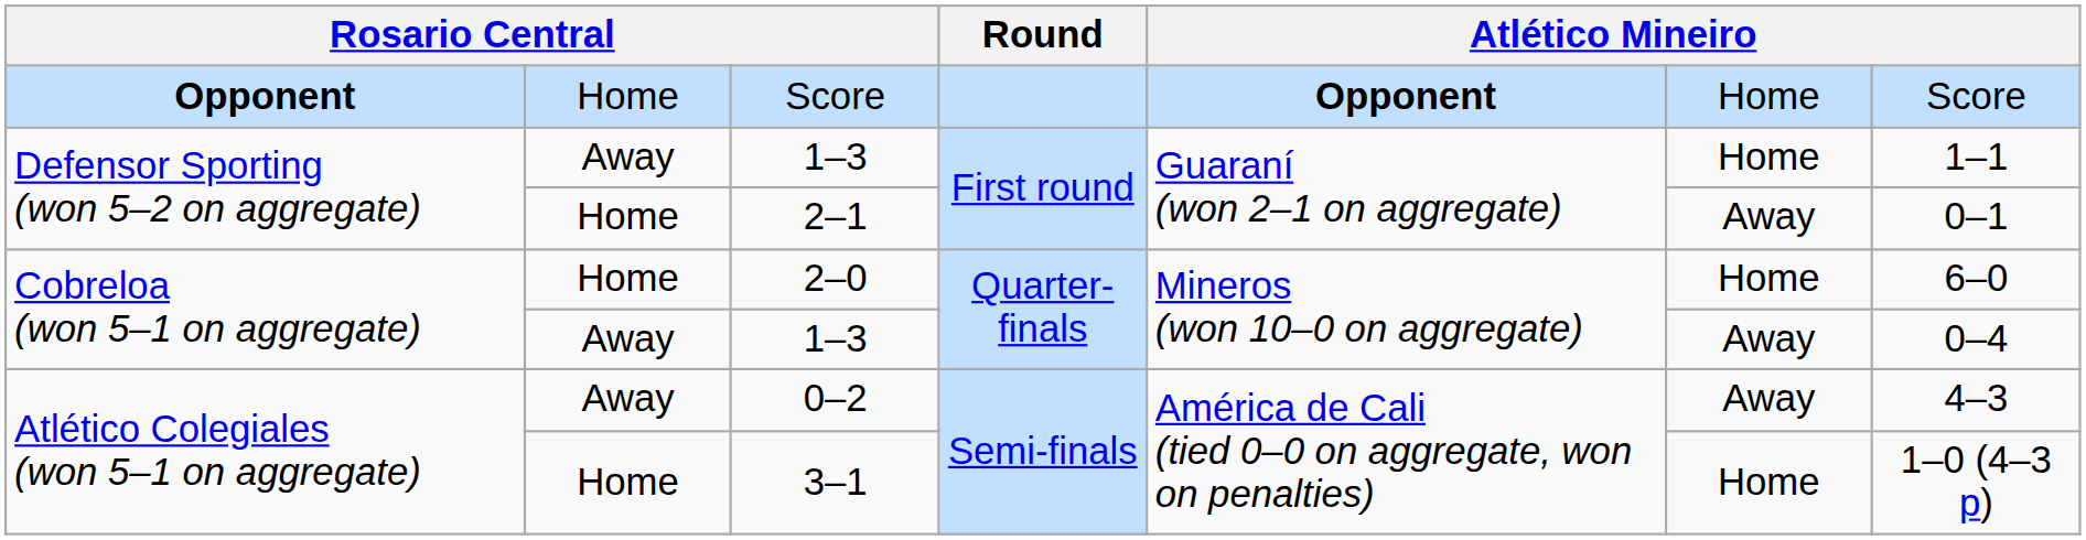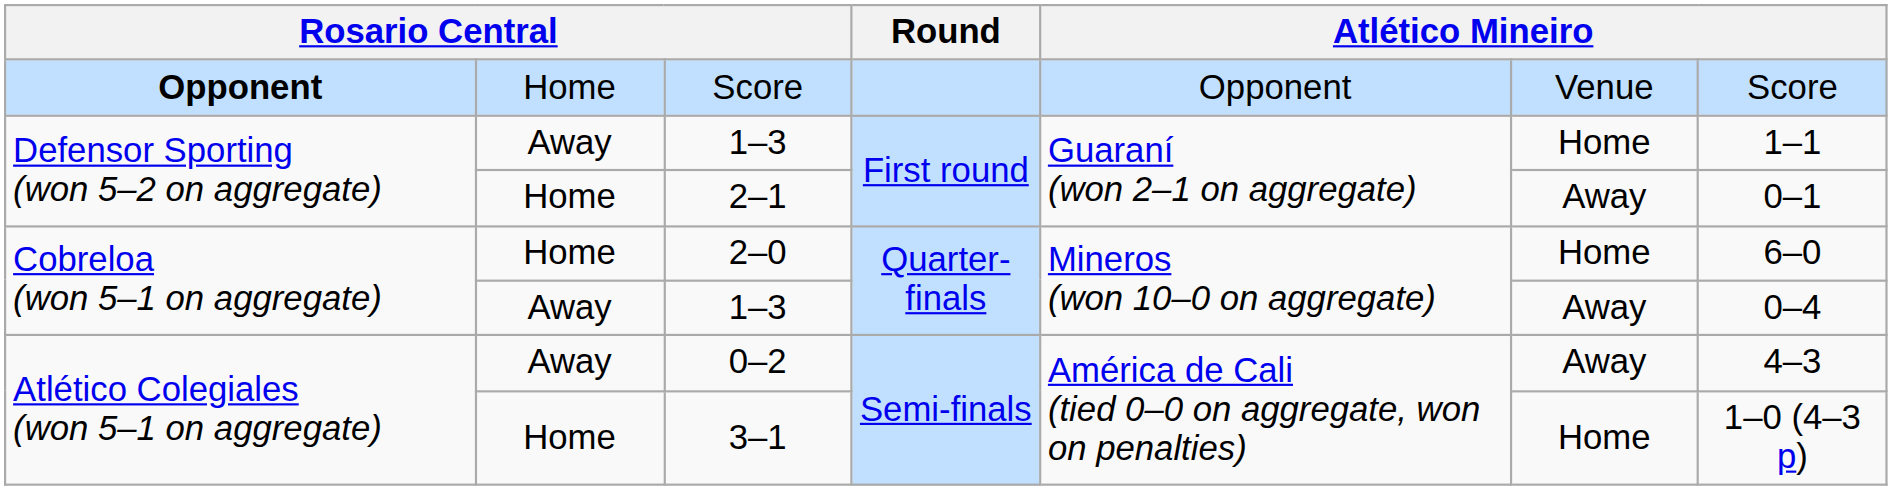 <table class="wikitable" style="text-align: center;">
 <tr>
 <th colspan=3> <a href='#'>Rosario Central</a></th>
 <th>Round</th>
 <th colspan=3> <a href='#'>Atlético Mineiro</a></th>
 </tr>
 <tr bgcolor=#c1e0ff>
 <td width=25%><strong>Opponent</strong></td>
 <td>Home</td>
 <td width=10%>Score</td>
 <td width=10%></td>
-<td width=25%><strong>Opponent</strong></td>
-<td>Home</td>
+<td width=25%>Opponent</td>
+<td width=10%>Venue</td>
 <td width=10%>Score</td>
 </tr>
 <tr>
 <td rowspan=2 align=left> <a href='#'>Defensor Sporting</a><br><em>(won 5–2 on aggregate)</em></td>
 <td>Away</td>
 <td>1–3</td>
 <td rowspan=2 bgcolor=#c1e0ff><a href='#'>First round</a></td>
 <td rowspan=2 align=left> <a href='#'>Guaraní</a><br><em>(won 2–1 on aggregate)</em></td>
 <td>Home</td>
 <td>1–1</td>
 </tr>
 <tr>
 <td>Home</td>
 <td>2–1</td>
 <td>Away</td>
 <td>0–1</td>
 </tr>
 <tr>
 <td rowspan=2 align=left> <a href='#'>Cobreloa</a><br><em>(won 5–1 on aggregate)</em></td>
 <td>Home</td>
 <td>2–0</td>
 <td rowspan=2 bgcolor=#c1e0ff><a href='#'>Quarter-finals</a></td>
 <td rowspan=2 align=left> <a href='#'>Mineros</a><br><em>(won 10–0 on aggregate)</em></td>
 <td>Home</td>
 <td>6–0</td>
 </tr>
 <tr>
 <td>Away</td>
 <td>1–3</td>
 <td>Away</td>
 <td>0–4</td>
 </tr>
 <tr>
 <td rowspan=2 align=left> <a href='#'>Atlético Colegiales</a><br><em>(won 5–1 on aggregate)</em></td>
 <td>Away</td>
 <td>0–2</td>
 <td rowspan=2 bgcolor=#c1e0ff><a href='#'>Semi-finals</a></td>
 <td rowspan=2 align=left> <a href='#'>América de Cali</a><br><em>(tied 0–0 on aggregate, won on penalties)</em></td>
 <td>Away</td>
 <td>4–3</td>
 </tr>
 <tr>
 <td>Home</td>
 <td>3–1</td>
 <td>Home</td>
 <td>1–0 (4–3 <a href='#'>p</a>)</td>
 </tr>
 </table>
